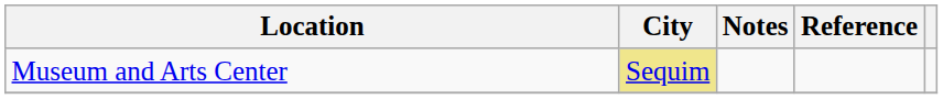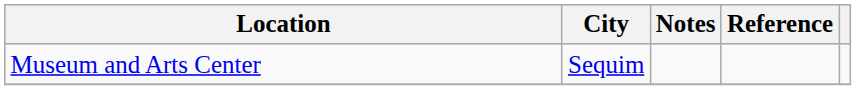 <table class="wikitable">
 <tr>
 <th width="350">Location</th>
 <th>City</th>
 <th>Notes</th>
 <th>Reference</th>
 <th></th>
 </tr>
 <tr>
 <td><a href='#'>Museum and Arts Center</a></td>
-<td style="background: khaki;"><a href='#'>Sequim</a></td>
+<td><a href='#'>Sequim</a></td>
 <td></td>
 <td></td>
 <td></td>
 </tr>
 <tr>
 </tr>
 </table>
